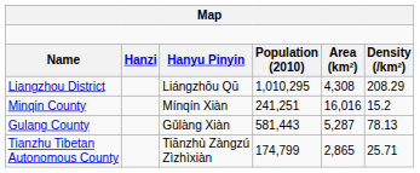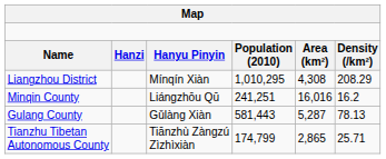 <table class="wikitable" style="font-size:90%;" align=center>
 <tr>
 <th colspan="7">Map</th>
 </tr>
 <tr>
 <td colspan="7"><div><br>       </div></td>
 </tr>
 <tr>
 <th>Name</th>
 <th><a href='#'>Hanzi</a></th>
 <th><a href='#'>Hanyu Pinyin</a></th>
 <th>Population<br>(2010)</th>
 <th>Area<br>(km²)</th>
 <th>Density<br>(/km²)</th>
 </tr>
 <tr --------->
 <td><a href='#'>Liangzhou District</a></td>
 <td></td>
-<td>Liángzhōu Qū</td>
+<td>Mínqín Xiàn</td>
 <td>1,010,295</td>
 <td>4,308</td>
 <td>208.29</td>
 </tr>
 <tr --------->
 <td><a href='#'>Minqin County</a></td>
 <td></td>
-<td>Mínqín Xiàn</td>
+<td>Liángzhōu Qū</td>
 <td>241,251</td>
 <td>16,016</td>
-<td>15.2</td>
+<td>16.2</td>
 </tr>
 <tr --------->
 <td><a href='#'>Gulang County</a></td>
 <td></td>
 <td>Gǔlàng Xiàn</td>
 <td>581,443</td>
 <td>5,287</td>
 <td>78.13</td>
 </tr>
 <tr --------->
 <td><a href='#'>Tianzhu Tibetan<br>Autonomous County</a></td>
 <td></td>
 <td>Tiānzhù Zàngzú<br>Zìzhìxiàn</td>
 <td>174,799</td>
 <td>2,865</td>
 <td>25.71</td>
 </tr>
 </table>
